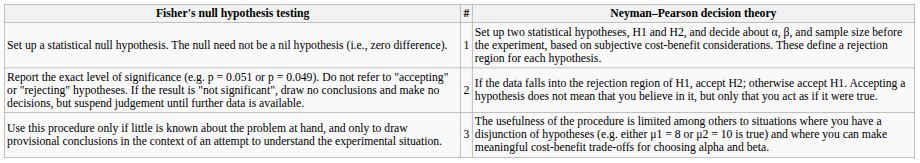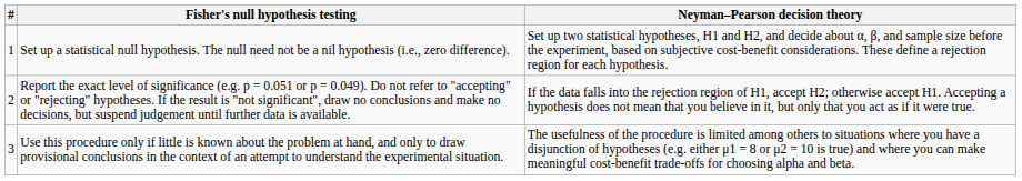 <table class="wikitable">
 <tr>
+<th>#</th>
 <th>Fisher's null hypothesis testing</th>
-<th>#</th>
 <th>Neyman–Pearson decision theory</th>
 </tr>
 <tr>
+<td>1</td>
 <td>Set up a statistical null hypothesis. The null need not be a nil hypothesis (i.e., zero difference).</td>
-<td>1</td>
 <td>Set up two statistical hypotheses, H1 and H2, and decide about α, β, and sample size before the experiment, based on subjective cost-benefit considerations. These define a rejection region for each hypothesis.</td>
 </tr>
 <tr>
+<td>2</td>
 <td>Report the exact level of significance (e.g. p = 0.051 or p = 0.049). Do not refer to "accepting" or "rejecting" hypotheses. If the result is "not significant", draw no conclusions and make no decisions, but suspend judgement until further data is available.</td>
-<td>2</td>
 <td>If the data falls into the rejection region of H1, accept H2; otherwise accept H1. Accepting a hypothesis does not mean that you believe in it, but only that you act as if it were true.</td>
 </tr>
 <tr>
+<td>3</td>
 <td>Use this procedure only if little is known about the problem at hand, and only to draw provisional conclusions in the context of an attempt to understand the experimental situation.</td>
-<td>3</td>
 <td>The usefulness of the procedure is limited among others to situations where you have a disjunction of hypotheses (e.g. either μ1 = 8 or μ2 = 10 is true) and where you can make meaningful cost-benefit trade-offs for choosing alpha and beta.</td>
 </tr>
 </table>
